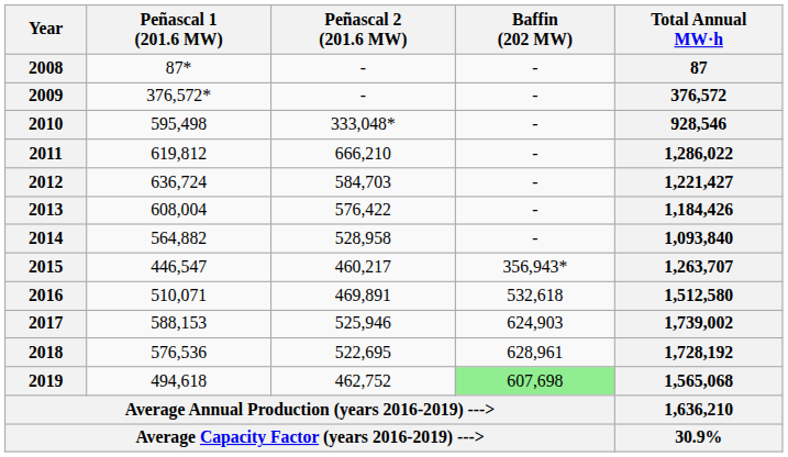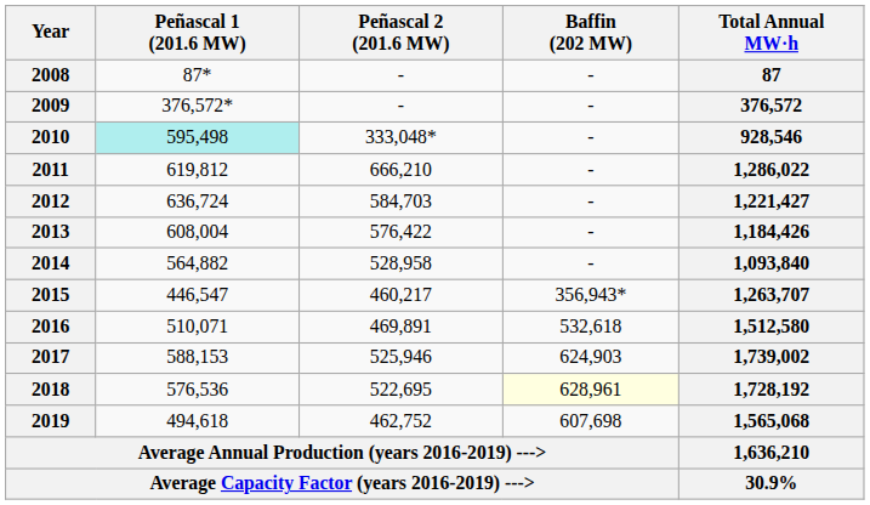 <table class=wikitable style="text-align:center; font-size:0.9em; width:650px;">
 <tr>
 <th>Year</th>
 <th>Peñascal 1<br>(201.6 MW) </th>
 <th>Peñascal 2<br>(201.6 MW) </th>
 <th>Baffin<br>(202 MW) </th>
 <th>Total Annual<br><a href='#'>MW·h</a></th>
 </tr>
 <tr>
 <th>2008</th>
 <td>87*</td>
 <td>-</td>
 <td>-</td>
 <th>87</th>
 </tr>
 <tr>
 <th>2009</th>
 <td>376,572*</td>
 <td>-</td>
 <td>-</td>
 <th>376,572</th>
 </tr>
 <tr>
 <th>2010</th>
-<td>595,498</td>
+<td style="background: paleturquoise;">595,498</td>
 <td>333,048*</td>
 <td>-</td>
 <th>928,546</th>
 </tr>
 <tr>
 <th>2011</th>
 <td>619,812</td>
 <td>666,210</td>
 <td>-</td>
 <th>1,286,022</th>
 </tr>
 <tr>
 <th>2012</th>
 <td>636,724</td>
 <td>584,703</td>
 <td>-</td>
 <th>1,221,427</th>
 </tr>
 <tr>
 <th>2013</th>
 <td>608,004</td>
 <td>576,422</td>
 <td>-</td>
 <th>1,184,426</th>
 </tr>
 <tr>
 <th>2014</th>
 <td>564,882</td>
 <td>528,958</td>
 <td>-</td>
 <th>1,093,840</th>
 </tr>
 <tr>
 <th>2015</th>
 <td>446,547</td>
 <td>460,217</td>
 <td>356,943*</td>
 <th>1,263,707</th>
 </tr>
 <tr>
 <th>2016</th>
 <td>510,071</td>
 <td>469,891</td>
 <td>532,618</td>
 <th>1,512,580</th>
 </tr>
 <tr>
 <th>2017</th>
 <td>588,153</td>
 <td>525,946</td>
 <td>624,903</td>
 <th>1,739,002</th>
 </tr>
 <tr>
 <th>2018</th>
 <td>576,536</td>
 <td>522,695</td>
-<td>628,961</td>
+<td style="background: lightyellow;">628,961</td>
 <th>1,728,192</th>
 </tr>
 <tr>
 <th>2019</th>
 <td>494,618</td>
 <td>462,752</td>
-<td style="background: lightgreen;">607,698</td>
+<td>607,698</td>
 <th>1,565,068</th>
 </tr>
 <tr>
 <th colspan=4>Average Annual Production (years 2016-2019) ---></th>
 <th>1,636,210</th>
 </tr>
 <tr>
 <th colspan=4>Average <a href='#'>Capacity Factor</a> (years 2016-2019) ---></th>
 <th>30.9%</th>
 </tr>
 </table>
